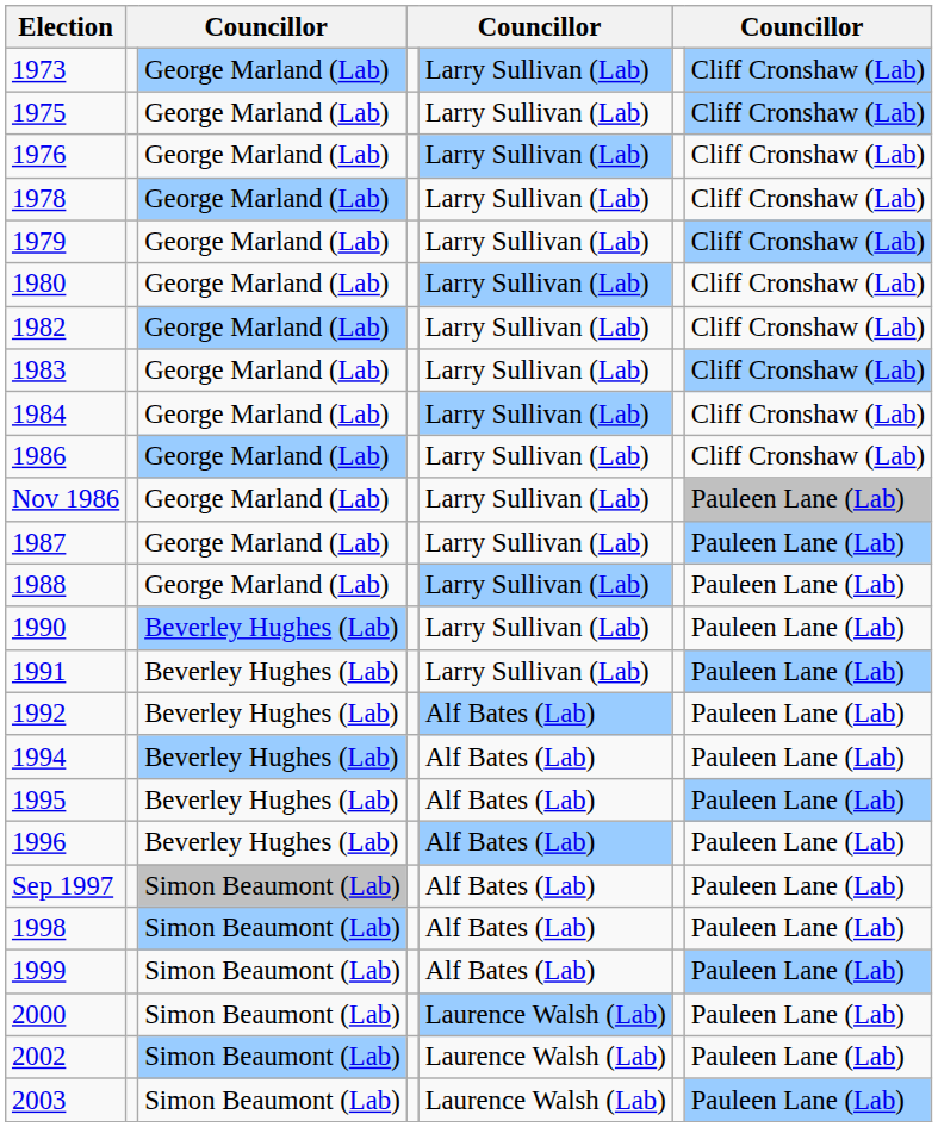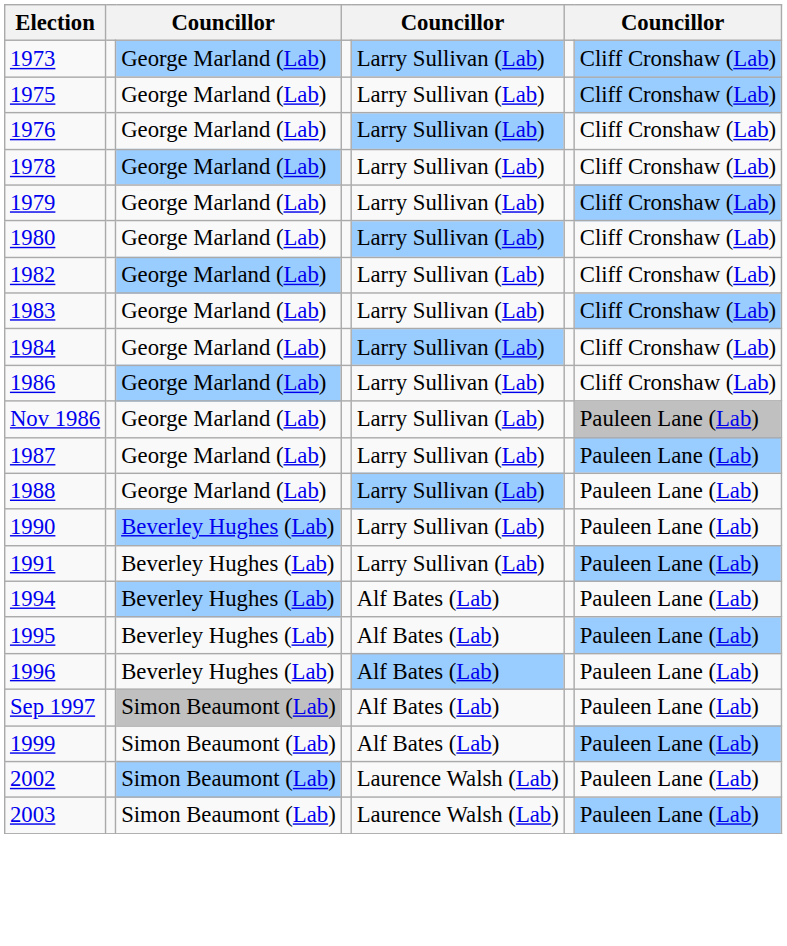 <table class="wikitable">
 <tr>
 <th>Election</th>
 <th colspan="2">Councillor</th>
 <th colspan="2">Councillor</th>
 <th colspan="2">Councillor</th>
 </tr>
 <tr>
 <td><a href='#'>1973</a></td>
 <td style="background-color: "></td>
 <td bgcolor="#99CCFF">George Marland (<a href='#'>Lab</a>)</td>
 <td style="background-color: "></td>
 <td bgcolor="#99CCFF">Larry Sullivan (<a href='#'>Lab</a>)</td>
 <td style="background-color: "></td>
 <td bgcolor="#99CCFF">Cliff Cronshaw (<a href='#'>Lab</a>)</td>
 </tr>
 <tr>
 <td><a href='#'>1975</a></td>
 <td style="background-color: "></td>
 <td>George Marland (<a href='#'>Lab</a>)</td>
 <td style="background-color: "></td>
 <td>Larry Sullivan (<a href='#'>Lab</a>)</td>
 <td style="background-color: "></td>
 <td bgcolor="#99CCFF">Cliff Cronshaw (<a href='#'>Lab</a>)</td>
 </tr>
 <tr>
 <td><a href='#'>1976</a></td>
 <td style="background-color: "></td>
 <td>George Marland (<a href='#'>Lab</a>)</td>
 <td style="background-color: "></td>
 <td bgcolor="#99CCFF">Larry Sullivan (<a href='#'>Lab</a>)</td>
 <td style="background-color: "></td>
 <td>Cliff Cronshaw (<a href='#'>Lab</a>)</td>
 </tr>
 <tr>
 <td><a href='#'>1978</a></td>
 <td style="background-color: "></td>
 <td bgcolor="#99CCFF">George Marland (<a href='#'>Lab</a>)</td>
 <td style="background-color: "></td>
 <td>Larry Sullivan (<a href='#'>Lab</a>)</td>
 <td style="background-color: "></td>
 <td>Cliff Cronshaw (<a href='#'>Lab</a>)</td>
 </tr>
 <tr>
 <td><a href='#'>1979</a></td>
 <td style="background-color: "></td>
 <td>George Marland (<a href='#'>Lab</a>)</td>
 <td style="background-color: "></td>
 <td>Larry Sullivan (<a href='#'>Lab</a>)</td>
 <td style="background-color: "></td>
 <td bgcolor="#99CCFF">Cliff Cronshaw (<a href='#'>Lab</a>)</td>
 </tr>
 <tr>
 <td><a href='#'>1980</a></td>
 <td style="background-color: "></td>
 <td>George Marland (<a href='#'>Lab</a>)</td>
 <td style="background-color: "></td>
 <td bgcolor="#99CCFF">Larry Sullivan (<a href='#'>Lab</a>)</td>
 <td style="background-color: "></td>
 <td>Cliff Cronshaw (<a href='#'>Lab</a>)</td>
 </tr>
 <tr>
 <td><a href='#'>1982</a></td>
 <td style="background-color: "></td>
 <td bgcolor="#99CCFF">George Marland (<a href='#'>Lab</a>)</td>
 <td style="background-color: "></td>
 <td>Larry Sullivan (<a href='#'>Lab</a>)</td>
 <td style="background-color: "></td>
 <td>Cliff Cronshaw (<a href='#'>Lab</a>)</td>
 </tr>
 <tr>
 <td><a href='#'>1983</a></td>
 <td style="background-color: "></td>
 <td>George Marland (<a href='#'>Lab</a>)</td>
 <td style="background-color: "></td>
 <td>Larry Sullivan (<a href='#'>Lab</a>)</td>
 <td style="background-color: "></td>
 <td bgcolor="#99CCFF">Cliff Cronshaw (<a href='#'>Lab</a>)</td>
 </tr>
 <tr>
 <td><a href='#'>1984</a></td>
 <td style="background-color: "></td>
 <td>George Marland (<a href='#'>Lab</a>)</td>
 <td style="background-color: "></td>
 <td bgcolor="#99CCFF">Larry Sullivan (<a href='#'>Lab</a>)</td>
 <td style="background-color: "></td>
 <td>Cliff Cronshaw (<a href='#'>Lab</a>)</td>
 </tr>
 <tr>
 <td><a href='#'>1986</a></td>
 <td style="background-color: "></td>
 <td bgcolor="#99CCFF">George Marland (<a href='#'>Lab</a>)</td>
 <td style="background-color: "></td>
 <td>Larry Sullivan (<a href='#'>Lab</a>)</td>
 <td style="background-color: "></td>
 <td>Cliff Cronshaw (<a href='#'>Lab</a>)</td>
 </tr>
 <tr>
 <td><a href='#'>Nov 1986</a></td>
 <td style="background-color: "></td>
 <td>George Marland (<a href='#'>Lab</a>)</td>
 <td style="background-color: "></td>
 <td>Larry Sullivan (<a href='#'>Lab</a>)</td>
 <td style="background-color: "></td>
 <td bgcolor="#C0C0C0">Pauleen Lane (<a href='#'>Lab</a>)</td>
 </tr>
 <tr>
 <td><a href='#'>1987</a></td>
 <td style="background-color: "></td>
 <td>George Marland (<a href='#'>Lab</a>)</td>
 <td style="background-color: "></td>
 <td>Larry Sullivan (<a href='#'>Lab</a>)</td>
 <td style="background-color: "></td>
 <td bgcolor="#99CCFF">Pauleen Lane (<a href='#'>Lab</a>)</td>
 </tr>
 <tr>
 <td><a href='#'>1988</a></td>
 <td style="background-color: "></td>
 <td>George Marland (<a href='#'>Lab</a>)</td>
 <td style="background-color: "></td>
 <td bgcolor="#99CCFF">Larry Sullivan (<a href='#'>Lab</a>)</td>
 <td style="background-color: "></td>
 <td>Pauleen Lane (<a href='#'>Lab</a>)</td>
 </tr>
 <tr>
 <td><a href='#'>1990</a></td>
 <td style="background-color: "></td>
 <td bgcolor="#99CCFF"><a href='#'>Beverley Hughes</a> (<a href='#'>Lab</a>)</td>
 <td style="background-color: "></td>
 <td>Larry Sullivan (<a href='#'>Lab</a>)</td>
 <td style="background-color: "></td>
 <td>Pauleen Lane (<a href='#'>Lab</a>)</td>
 </tr>
 <tr>
 <td><a href='#'>1991</a></td>
 <td style="background-color: "></td>
 <td>Beverley Hughes (<a href='#'>Lab</a>)</td>
 <td style="background-color: "></td>
 <td>Larry Sullivan (<a href='#'>Lab</a>)</td>
 <td style="background-color: "></td>
 <td bgcolor="#99CCFF">Pauleen Lane (<a href='#'>Lab</a>)</td>
 </tr>
 <tr>
-<td><a href='#'>1992</a></td>
-<td style="background-color: "></td>
-<td>Beverley Hughes (<a href='#'>Lab</a>)</td>
-<td style="background-color: "></td>
-<td bgcolor="#99CCFF">Alf Bates (<a href='#'>Lab</a>)</td>
-<td style="background-color: "></td>
-<td>Pauleen Lane (<a href='#'>Lab</a>)</td>
-</tr>
-<tr>
 <td><a href='#'>1994</a></td>
 <td style="background-color: "></td>
 <td bgcolor="#99CCFF">Beverley Hughes (<a href='#'>Lab</a>)</td>
 <td style="background-color: "></td>
 <td>Alf Bates (<a href='#'>Lab</a>)</td>
 <td style="background-color: "></td>
 <td>Pauleen Lane (<a href='#'>Lab</a>)</td>
 </tr>
 <tr>
 <td><a href='#'>1995</a></td>
 <td style="background-color: "></td>
 <td>Beverley Hughes (<a href='#'>Lab</a>)</td>
 <td style="background-color: "></td>
 <td>Alf Bates (<a href='#'>Lab</a>)</td>
 <td style="background-color: "></td>
 <td bgcolor="#99CCFF">Pauleen Lane (<a href='#'>Lab</a>)</td>
 </tr>
 <tr>
 <td><a href='#'>1996</a></td>
 <td style="background-color: "></td>
 <td>Beverley Hughes (<a href='#'>Lab</a>)</td>
 <td style="background-color: "></td>
 <td bgcolor="#99CCFF">Alf Bates (<a href='#'>Lab</a>)</td>
 <td style="background-color: "></td>
 <td>Pauleen Lane (<a href='#'>Lab</a>)</td>
 </tr>
 <tr>
 <td><a href='#'>Sep 1997</a></td>
 <td style="background-color: "></td>
 <td bgcolor="#C0C0C0">Simon Beaumont (<a href='#'>Lab</a>)</td>
 <td style="background-color: "></td>
 <td>Alf Bates (<a href='#'>Lab</a>)</td>
 <td style="background-color: "></td>
 <td>Pauleen Lane (<a href='#'>Lab</a>)</td>
 </tr>
 <tr>
-<td><a href='#'>1998</a></td>
-<td style="background-color: "></td>
-<td bgcolor="#99CCFF">Simon Beaumont (<a href='#'>Lab</a>)</td>
-<td style="background-color: "></td>
-<td>Alf Bates (<a href='#'>Lab</a>)</td>
-<td style="background-color: "></td>
-<td>Pauleen Lane (<a href='#'>Lab</a>)</td>
-</tr>
-<tr>
 <td><a href='#'>1999</a></td>
 <td style="background-color: "></td>
 <td>Simon Beaumont (<a href='#'>Lab</a>)</td>
 <td style="background-color: "></td>
 <td>Alf Bates (<a href='#'>Lab</a>)</td>
 <td style="background-color: "></td>
 <td bgcolor="#99CCFF">Pauleen Lane (<a href='#'>Lab</a>)</td>
-</tr>
-<tr>
-<td><a href='#'>2000</a></td>
-<td style="background-color: "></td>
-<td>Simon Beaumont (<a href='#'>Lab</a>)</td>
-<td style="background-color: "></td>
-<td bgcolor="#99CCFF">Laurence Walsh (<a href='#'>Lab</a>)</td>
-<td style="background-color: "></td>
-<td>Pauleen Lane (<a href='#'>Lab</a>)</td>
 </tr>
 <tr>
 <td><a href='#'>2002</a></td>
 <td style="background-color: "></td>
 <td bgcolor="#99CCFF">Simon Beaumont (<a href='#'>Lab</a>)</td>
 <td style="background-color: "></td>
 <td>Laurence Walsh (<a href='#'>Lab</a>)</td>
 <td style="background-color: "></td>
 <td>Pauleen Lane (<a href='#'>Lab</a>)</td>
 </tr>
 <tr>
 <td><a href='#'>2003</a></td>
 <td style="background-color: "></td>
 <td>Simon Beaumont (<a href='#'>Lab</a>)</td>
 <td style="background-color: "></td>
 <td>Laurence Walsh (<a href='#'>Lab</a>)</td>
 <td style="background-color: "></td>
 <td bgcolor="#99CCFF">Pauleen Lane (<a href='#'>Lab</a>)</td>
 </tr>
 <tr>
 </tr>
 </table>
